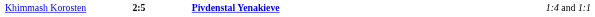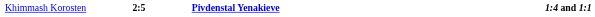 <table width=100% cellspacing=1>
 <tr>
 <th width=20%></th>
 <th width=12%></th>
 <th width=20%></th>
 <th></th>
 </tr>
 <tr style=font-size:90%>
 <td align=right><a href='#'>Khimmash Korosten</a></td>
 <td align=center><strong>2:5</strong></td>
 <td><strong><a href='#'>Pivdenstal Yenakieve</a></strong></td>
-<td align=center><em>1:4</em> and <em>1:1</em></td>
+<td align=center><strong><em>1:4</em> and <em>1:1</em></strong></td>
 </tr>
 </table>
